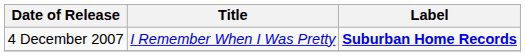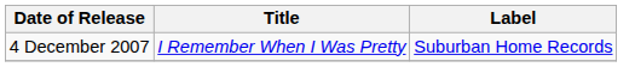 <table class="wikitable">
 <tr>
 <th>Date of Release</th>
 <th>Title</th>
 <th>Label</th>
 </tr>
 <tr>
 <td>4 December 2007</td>
 <td><em><a href='#'>I Remember When I Was Pretty</a></em></td>
-<td><strong><a href='#'>Suburban Home Records</a></strong></td>
+<td><a href='#'>Suburban Home Records</a></td>
 </tr>
 <tr>
 </tr>
 </table>
